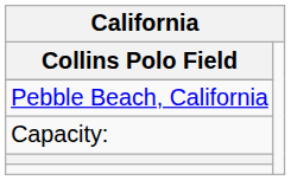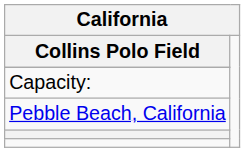 <table class="wikitable" style="text-align:left">
 <tr>
 <th colspan="3">California</th>
 </tr>
 <tr>
 <th>Collins Polo Field</th>
 <td rowspan=10><br></td>
 </tr>
 <tr>
 </tr>
 <tr>
-<td><a href='#'>Pebble Beach, California</a></td>
+<td>Capacity:</td>
 </tr>
 <tr>
-<td>Capacity:</td>
+<td><a href='#'>Pebble Beach, California</a></td>
 </tr>
 <tr>
 <th></th>
 </tr>
 <tr>
 <td colspan="1"></td>
 </tr>
 </table>
